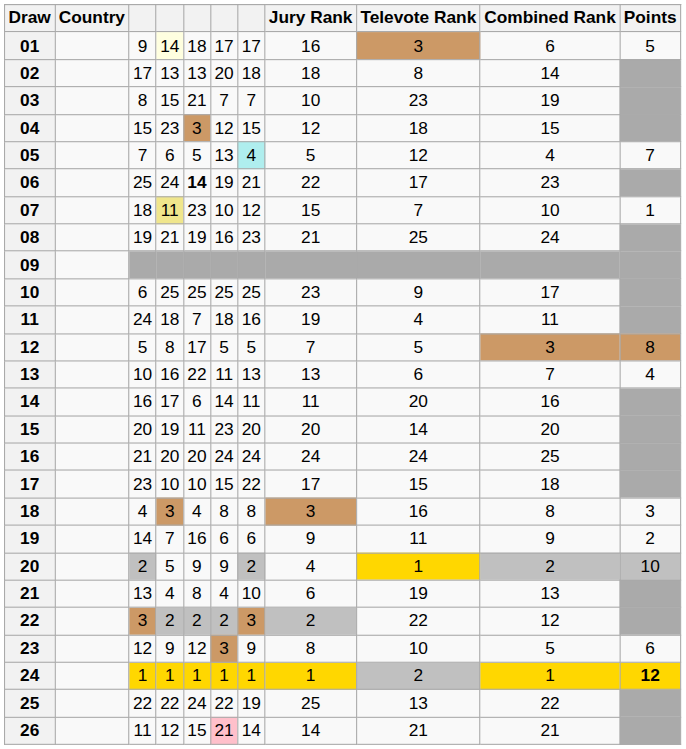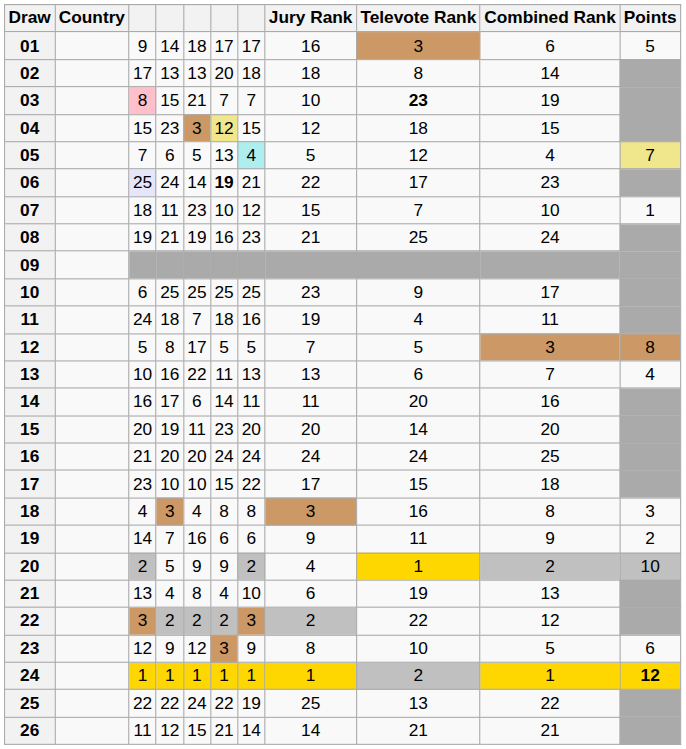 <table class="sortable wikitable collapsible plainrowheaders" style="text-align:center;">
 <tr>
 </tr>
 <tr>
 <th scope="col">Draw</th>
 <th scope="col">Country</th>
 <th scope="col"><small></small></th>
 <th scope="col"><small></small></th>
 <th scope="col"><small></small></th>
 <th scope="col"><small></small></th>
 <th scope="col"><small></small></th>
 <th scope="col">Jury Rank</th>
 <th scope="col">Televote Rank</th>
 <th scope="col">Combined Rank</th>
 <th scope="col">Points</th>
 </tr>
 <tr>
 <th scope="row" style="text-align:center;">01</th>
 <td style="text-align:left;"></td>
 <td>9</td>
-<td style="background: lightyellow;">14</td>
+<td>14</td>
 <td>18</td>
 <td>17</td>
 <td>17</td>
 <td>16</td>
 <td style="background:#CC9966;">3</td>
 <td>6</td>
 <td>5</td>
 </tr>
 <tr>
 <th scope="row" style="text-align:center;">02</th>
 <td style="text-align:left;"></td>
 <td>17</td>
 <td>13</td>
 <td>13</td>
 <td>20</td>
 <td>18</td>
 <td>18</td>
 <td>8</td>
 <td>14</td>
 <td style="background:#AAAAAA;"></td>
 </tr>
 <tr>
 <th scope="row" style="text-align:center;">03</th>
 <td style="text-align:left;"></td>
-<td>8</td>
+<td style="background: pink;">8</td>
 <td>15</td>
 <td>21</td>
 <td>7</td>
 <td>7</td>
 <td>10</td>
-<td>23</td>
+<td><strong>23</strong></td>
 <td>19</td>
 <td style="background:#AAAAAA;"></td>
 </tr>
 <tr>
 <th scope="row" style="text-align:center;">04</th>
 <td style="text-align:left;"></td>
 <td>15</td>
 <td>23</td>
 <td style="background:#CC9966;">3</td>
-<td>12</td>
+<td style="background: khaki;">12</td>
 <td>15</td>
 <td>12</td>
 <td>18</td>
 <td>15</td>
 <td style="background:#AAAAAA;"></td>
 </tr>
 <tr>
 <th scope="row" style="text-align:center;">05</th>
 <td style="text-align:left;"></td>
 <td>7</td>
 <td>6</td>
 <td>5</td>
 <td>13</td>
 <td style="background: paleturquoise;">4</td>
 <td>5</td>
 <td>12</td>
 <td>4</td>
-<td>7</td>
+<td style="background: khaki;">7</td>
 </tr>
 <tr>
 <th scope="row" style="text-align:center;">06</th>
 <td style="text-align:left;"></td>
-<td>25</td>
+<td style="background: lavender;">25</td>
 <td>24</td>
-<td><strong>14</strong></td>
-<td>19</td>
+<td>14</td>
+<td><strong>19</strong></td>
 <td>21</td>
 <td>22</td>
 <td>17</td>
 <td>23</td>
 <td style="background:#AAAAAA;"></td>
 </tr>
 <tr>
 <th scope="row" style="text-align:center;">07</th>
 <td style="text-align:left;"></td>
 <td>18</td>
-<td style="background: khaki;">11</td>
+<td>11</td>
 <td>23</td>
 <td>10</td>
 <td>12</td>
 <td>15</td>
 <td>7</td>
 <td>10</td>
 <td>1</td>
 </tr>
 <tr>
 <th scope="row" style="text-align:center;">08</th>
 <td style="text-align:left;"></td>
 <td>19</td>
 <td>21</td>
 <td>19</td>
 <td>16</td>
 <td>23</td>
 <td>21</td>
 <td>25</td>
 <td>24</td>
 <td style="background:#AAAAAA;"></td>
 </tr>
 <tr class="sortbottom">
 <th scope="row" style="text-align:center;">09</th>
 <td style="text-align:left;"></td>
 <td style="background:#AAAAAA;"></td>
 <td style="background:#AAAAAA;"></td>
 <td style="background:#AAAAAA;"></td>
 <td style="background:#AAAAAA;"></td>
 <td style="background:#AAAAAA;"></td>
 <td style="background:#AAAAAA;"></td>
 <td style="background:#AAAAAA;"></td>
 <td style="background:#AAAAAA;"></td>
 <td style="background:#AAAAAA;"></td>
 </tr>
 <tr>
 <th scope="row" style="text-align:center;">10</th>
 <td style="text-align:left;"></td>
 <td>6</td>
 <td>25</td>
 <td>25</td>
 <td>25</td>
 <td>25</td>
 <td>23</td>
 <td>9</td>
 <td>17</td>
 <td style="background:#AAAAAA;"></td>
 </tr>
 <tr>
 <th scope="row" style="text-align:center;">11</th>
 <td style="text-align:left;"></td>
 <td>24</td>
 <td>18</td>
 <td>7</td>
 <td>18</td>
 <td>16</td>
 <td>19</td>
 <td>4</td>
 <td>11</td>
 <td style="background:#AAAAAA;"></td>
 </tr>
 <tr>
 <th scope="row" style="text-align:center;">12</th>
 <td style="text-align:left;"></td>
 <td>5</td>
 <td>8</td>
 <td>17</td>
 <td>5</td>
 <td>5</td>
 <td>7</td>
 <td>5</td>
 <td style="background:#CC9966;">3</td>
 <td style="background:#CC9966;">8</td>
 </tr>
 <tr>
 <th scope="row" style="text-align:center;">13</th>
 <td style="text-align:left;"></td>
 <td>10</td>
 <td>16</td>
 <td>22</td>
 <td>11</td>
 <td>13</td>
 <td>13</td>
 <td>6</td>
 <td>7</td>
 <td>4</td>
 </tr>
 <tr>
 <th scope="row" style="text-align:center;">14</th>
 <td style="text-align:left;"></td>
 <td>16</td>
 <td>17</td>
 <td>6</td>
 <td>14</td>
 <td>11</td>
 <td>11</td>
 <td>20</td>
 <td>16</td>
 <td style="background:#AAAAAA;"></td>
 </tr>
 <tr>
 <th scope="row" style="text-align:center;">15</th>
 <td style="text-align:left;"></td>
 <td>20</td>
 <td>19</td>
 <td>11</td>
 <td>23</td>
 <td>20</td>
 <td>20</td>
 <td>14</td>
 <td>20</td>
 <td style="background:#AAAAAA;"></td>
 </tr>
 <tr>
 <th scope="row" style="text-align:center;">16</th>
 <td style="text-align:left;"></td>
 <td>21</td>
 <td>20</td>
 <td>20</td>
 <td>24</td>
 <td>24</td>
 <td>24</td>
 <td>24</td>
 <td>25</td>
 <td style="background:#AAAAAA;"></td>
 </tr>
 <tr>
 <th scope="row" style="text-align:center;">17</th>
 <td style="text-align:left;"></td>
 <td>23</td>
 <td>10</td>
 <td>10</td>
 <td>15</td>
 <td>22</td>
 <td>17</td>
 <td>15</td>
 <td>18</td>
 <td style="background:#AAAAAA;"></td>
 </tr>
 <tr>
 <th scope="row" style="text-align:center;">18</th>
 <td style="text-align:left;"></td>
 <td>4</td>
 <td style="background:#CC9966;">3</td>
 <td>4</td>
 <td>8</td>
 <td>8</td>
 <td style="background:#CC9966;">3</td>
 <td>16</td>
 <td>8</td>
 <td>3</td>
 </tr>
 <tr>
 <th scope="row" style="text-align:center;">19</th>
 <td style="text-align:left;"></td>
 <td>14</td>
 <td>7</td>
 <td>16</td>
 <td>6</td>
 <td>6</td>
 <td>9</td>
 <td>11</td>
 <td>9</td>
 <td>2</td>
 </tr>
 <tr>
 <th scope="row" style="text-align:center;">20</th>
 <td style="text-align:left;"></td>
 <td style="background:silver;">2</td>
 <td>5</td>
 <td>9</td>
 <td>9</td>
 <td style="background:silver;">2</td>
 <td>4</td>
 <td style="background:gold;">1</td>
 <td style="background:silver;">2</td>
 <td style="background:silver;">10</td>
 </tr>
 <tr>
 <th scope="row" style="text-align:center;">21</th>
 <td style="text-align:left;"></td>
 <td>13</td>
 <td>4</td>
 <td>8</td>
 <td>4</td>
 <td>10</td>
 <td>6</td>
 <td>19</td>
 <td>13</td>
 <td style="background:#AAAAAA;"></td>
 </tr>
 <tr>
 <th scope="row" style="text-align:center;">22</th>
 <td style="text-align:left;"></td>
 <td style="background:#CC9966;">3</td>
 <td style="background:silver;">2</td>
 <td style="background:silver;">2</td>
 <td style="background:silver;">2</td>
 <td style="background:#CC9966;">3</td>
 <td style="background:silver;">2</td>
 <td>22</td>
 <td>12</td>
 <td style="background:#AAAAAA;"></td>
 </tr>
 <tr>
 <th scope="row" style="text-align:center;">23</th>
 <td style="text-align:left;"></td>
 <td>12</td>
 <td>9</td>
 <td>12</td>
 <td style="background:#CC9966;">3</td>
 <td>9</td>
 <td>8</td>
 <td>10</td>
 <td>5</td>
 <td>6</td>
 </tr>
 <tr>
 <th scope="row" style="text-align:center;">24</th>
 <td style="text-align:left;"></td>
 <td style="background:gold;">1</td>
 <td style="background:gold;">1</td>
 <td style="background:gold;">1</td>
 <td style="background:gold;">1</td>
 <td style="background:gold;">1</td>
 <td style="background:gold;">1</td>
 <td style="background:silver;">2</td>
 <td style="background:gold;">1</td>
 <td style="background:gold;"><strong>12</strong></td>
 </tr>
 <tr>
 <th scope="row" style="text-align:center;">25</th>
 <td style="text-align:left;"></td>
 <td>22</td>
 <td>22</td>
 <td>24</td>
 <td>22</td>
 <td>19</td>
 <td>25</td>
 <td>13</td>
 <td>22</td>
 <td style="background:#AAAAAA;"></td>
 </tr>
 <tr>
 <th scope="row" style="text-align:center;">26</th>
 <td style="text-align:left;"></td>
 <td>11</td>
 <td>12</td>
 <td>15</td>
-<td style="background: pink;">21</td>
+<td>21</td>
 <td>14</td>
 <td>14</td>
 <td>21</td>
 <td>21</td>
 <td style="background:#AAAAAA;"></td>
 </tr>
 </table>
